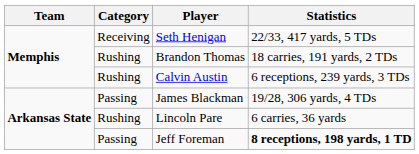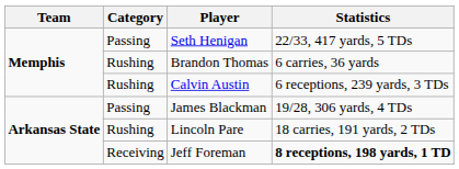 <table class="wikitable" style="float: left;">
 <tr>
 <th>Team</th>
 <th>Category</th>
 <th>Player</th>
 <th>Statistics</th>
 </tr>
 <tr>
 <td rowspan=3><strong>Memphis</strong></td>
-<td>Receiving</td>
+<td>Passing</td>
 <td><a href='#'>Seth Henigan</a></td>
 <td>22/33, 417 yards, 5 TDs</td>
 </tr>
 <tr>
 <td>Rushing</td>
 <td>Brandon Thomas</td>
-<td>18 carries, 191 yards, 2 TDs</td>
+<td>6 carries, 36 yards</td>
 </tr>
 <tr>
 <td>Rushing</td>
 <td><a href='#'>Calvin Austin</a></td>
 <td>6 receptions, 239 yards, 3 TDs</td>
 </tr>
 <tr>
 <td rowspan=3><strong>Arkansas State</strong></td>
 <td>Passing</td>
 <td>James Blackman</td>
 <td>19/28, 306 yards, 4 TDs</td>
 </tr>
 <tr>
 <td>Rushing</td>
 <td>Lincoln Pare</td>
-<td>6 carries, 36 yards</td>
+<td>18 carries, 191 yards, 2 TDs</td>
 </tr>
 <tr>
-<td>Passing</td>
+<td>Receiving</td>
 <td>Jeff Foreman</td>
 <td><strong>8 receptions, 198 yards, 1 TD</strong></td>
 </tr>
 </table>
